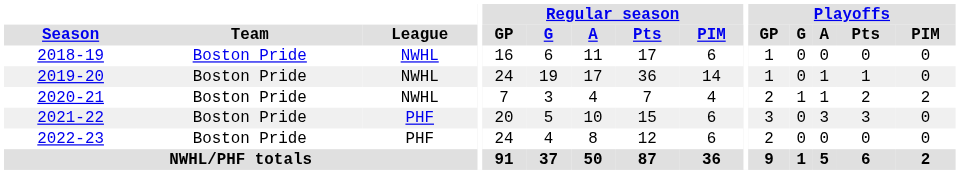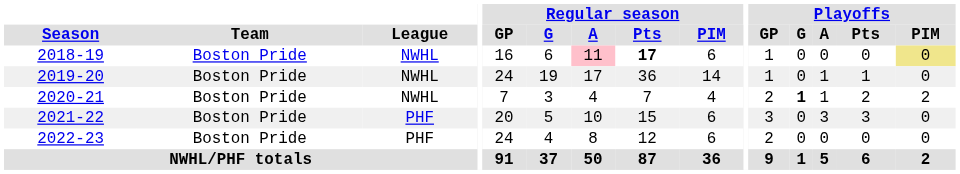 <table border="0" cellpadding="1" cellspacing="0" style="text-align:center; width:60em">
 <tr bgcolor="#e0e0e0">
 <th colspan="3" bgcolor="#ffffff"></th>
 <th rowspan="99" bgcolor="#ffffff"></th>
 <th colspan="5"><a href='#'>Regular season</a></th>
 <th rowspan="99" bgcolor="#ffffff"></th>
 <th colspan="5"><a href='#'>Playoffs</a></th>
 </tr>
 <tr bgcolor="#e0e0e0">
 <th><a href='#'>Season</a></th>
 <th>Team</th>
 <th>League</th>
 <th>GP</th>
 <th><a href='#'>G</a></th>
 <th><a href='#'>A</a></th>
 <th><a href='#'>Pts</a></th>
 <th><a href='#'>PIM</a></th>
 <th>GP</th>
 <th>G</th>
 <th>A</th>
 <th>Pts</th>
 <th>PIM</th>
 </tr>
 <tr>
 <td><a href='#'>2018-19</a></td>
 <td><a href='#'>Boston Pride</a></td>
 <td><a href='#'>NWHL</a></td>
 <td>16</td>
 <td>6</td>
-<td>11</td>
-<td>17</td>
+<td style="background: pink;">11</td>
+<td><strong>17</strong></td>
 <td>6</td>
 <td>1</td>
 <td>0</td>
 <td>0</td>
 <td>0</td>
-<td>0</td>
+<td style="background: khaki;">0</td>
 </tr>
 <tr bgcolor="#f0f0f0">
 <td><a href='#'>2019-20</a></td>
 <td>Boston Pride</td>
 <td>NWHL</td>
 <td>24</td>
 <td>19</td>
 <td>17</td>
 <td>36</td>
 <td>14</td>
 <td>1</td>
 <td>0</td>
 <td>1</td>
 <td>1</td>
 <td>0</td>
 </tr>
 <tr>
 <td><a href='#'>2020-21</a></td>
 <td>Boston Pride</td>
 <td>NWHL</td>
 <td>7</td>
 <td>3</td>
 <td>4</td>
 <td>7</td>
 <td>4</td>
 <td>2</td>
-<td>1</td>
+<td><strong>1</strong></td>
 <td>1</td>
 <td>2</td>
 <td>2</td>
 </tr>
 <tr bgcolor="#f0f0f0">
 <td><a href='#'>2021-22</a></td>
 <td>Boston Pride</td>
 <td><a href='#'>PHF</a></td>
 <td>20</td>
 <td>5</td>
 <td>10</td>
 <td>15</td>
 <td>6</td>
 <td>3</td>
 <td>0</td>
 <td>3</td>
 <td>3</td>
 <td>0</td>
 </tr>
 <tr>
 <td><a href='#'>2022-23</a></td>
 <td>Boston Pride</td>
 <td>PHF</td>
 <td>24</td>
 <td>4</td>
 <td>8</td>
 <td>12</td>
 <td>6</td>
 <td>2</td>
 <td>0</td>
 <td>0</td>
 <td>0</td>
 <td>0</td>
 </tr>
 <tr bgcolor="#e0e0e0">
 <th colspan="3">NWHL/PHF totals</th>
 <th>91</th>
 <th>37</th>
 <th>50</th>
 <th>87</th>
 <th>36</th>
 <th>9</th>
 <th>1</th>
 <th>5</th>
 <th>6</th>
 <th>2</th>
 </tr>
 </table>
